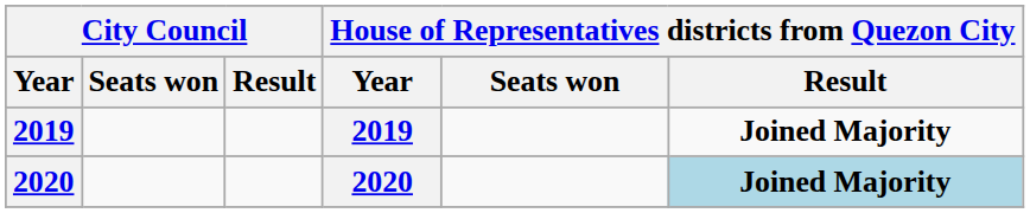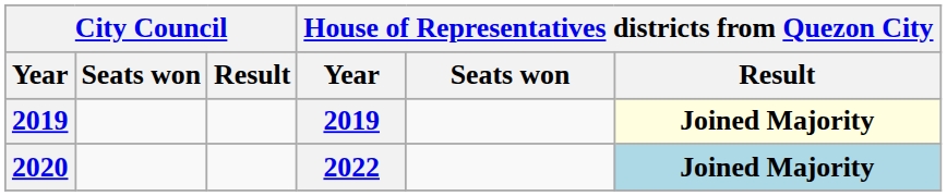 <table class="wikitable" style="text-align:center; font-size:90%">
 <tr>
 <th colspan="3"><a href='#'>City Council</a></th>
 <th colspan="3"><a href='#'>House of Representatives</a> districts from <a href='#'>Quezon City</a></th>
 </tr>
 <tr>
 <th>Year</th>
 <th>Seats won</th>
 <th>Result</th>
 <th>Year</th>
 <th>Seats won</th>
 <th>Result</th>
 </tr>
 <tr>
 <th><a href='#'>2019</a></th>
 <td></td>
 <td></td>
 <th><a href='#'>2019</a></th>
 <td></td>
-<td><strong>Joined Majority</strong></td>
+<td style="background: lightyellow;"><strong>Joined Majority</strong></td>
 </tr>
 <tr>
 <th><a href='#'>2020</a></th>
 <td></td>
 <td></td>
-<th><a href='#'>2020</a></th>
+<th><a href='#'>2022</a></th>
 <td></td>
 <td style="background: lightblue;"><strong>Joined Majority</strong></td>
 </tr>
 </table>
